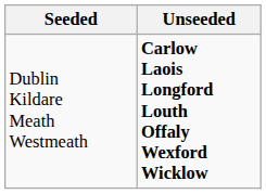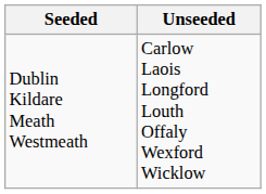 <table class="wikitable" style="font-size:80%">
 <tr>
 <th width="34%">Seeded</th>
 <th width="32%">Unseeded</th>
 </tr>
 <tr>
 <td>Dublin<br>Kildare<br>Meath<br>Westmeath</td>
-<td><strong>Carlow<br>Laois<br>Longford<br>Louth<br>Offaly<br>Wexford<br>Wicklow</strong></td>
+<td>Carlow<br>Laois<br>Longford<br>Louth<br>Offaly<br>Wexford<br>Wicklow</td>
 </tr>
 </table>
